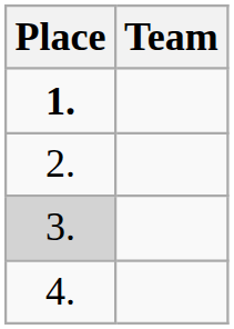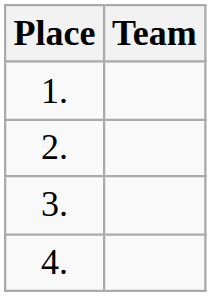 <table class="wikitable" style="text-align: center;">
 <tr>
 <th>Place</th>
 <th>Team</th>
 </tr>
 <tr>
-<td><strong>1.</strong></td>
+<td>1.</td>
 <td style="text-align:left;"><strong></strong> </td>
 </tr>
 <tr>
 <td>2.</td>
 <td style="text-align:left;"><strong></strong> </td>
 </tr>
 <tr>
-<td style="background: lightgrey;">3.</td>
+<td>3.</td>
 <td style="text-align:left;"><strong></strong></td>
 </tr>
 <tr>
 <td>4.</td>
 <td style="text-align:left;"><strong></strong></td>
 </tr>
 </table>
